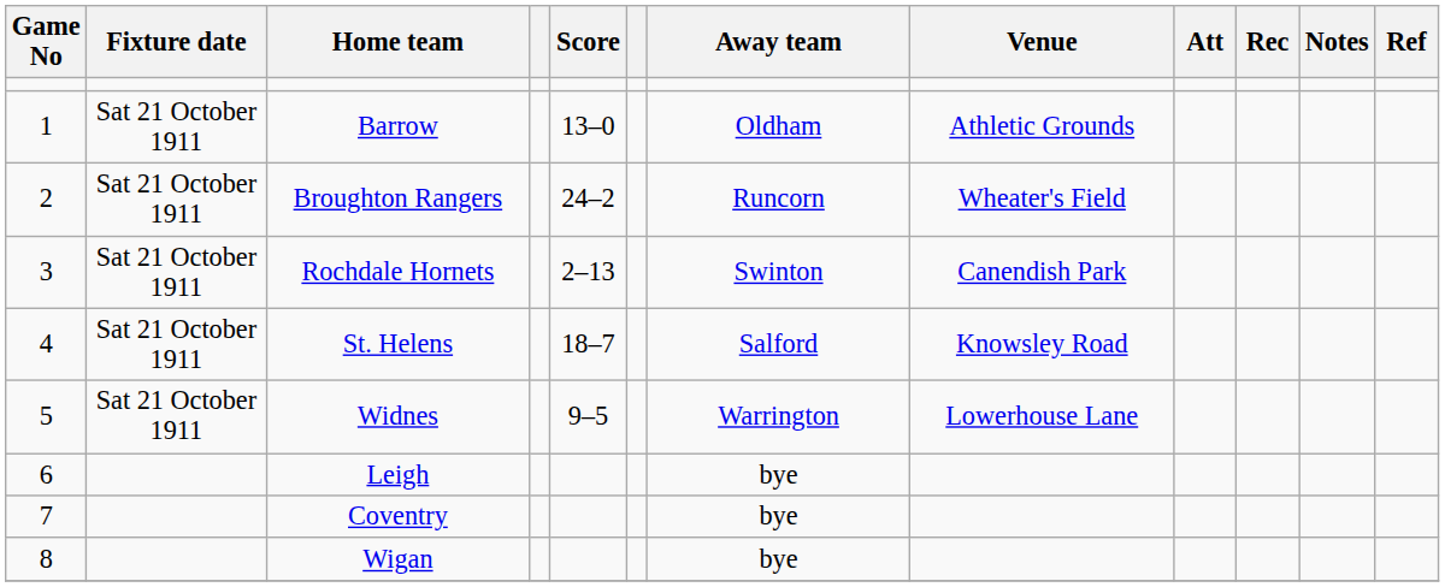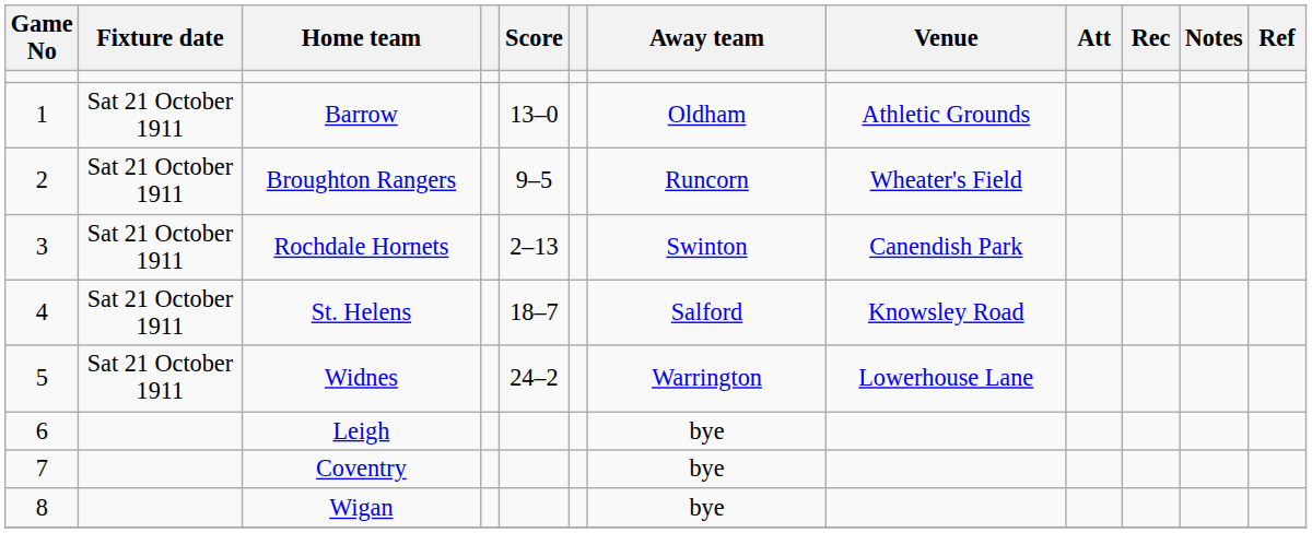 <table class="wikitable" style="text-align:center;">
 <tr>
 <th width=20 abbr="No">Game No</th>
 <th width=100 abbr="Date">Fixture date</th>
 <th width=150 abbr="Home team">Home team</th>
 <th width=5 abbr="space"></th>
 <th width=20 abbr="Score">Score</th>
 <th width=5 abbr="space"></th>
 <th width=150 abbr="Away team">Away team</th>
 <th width=150 abbr="Venue">Venue</th>
 <th width=30 abbr="Att">Att</th>
 <th width=30 abbr="Rec">Rec</th>
 <th width=20 abbr="Notes">Notes</th>
 <th width=30 abbr="Ref">Ref</th>
 </tr>
 <tr>
 <td></td>
 <td></td>
 <td></td>
 <td></td>
 <td></td>
 <td></td>
 <td></td>
 <td></td>
 <td></td>
 <td></td>
 <td></td>
 </tr>
 <tr>
 <td>1</td>
 <td>Sat 21 October 1911</td>
 <td><a href='#'>Barrow</a></td>
 <td></td>
 <td>13–0</td>
 <td></td>
 <td><a href='#'>Oldham</a></td>
 <td><a href='#'>Athletic Grounds</a></td>
 <td></td>
 <td></td>
 <td></td>
 <td></td>
 </tr>
 <tr>
 <td>2</td>
 <td>Sat 21 October 1911</td>
 <td><a href='#'>Broughton Rangers</a></td>
 <td></td>
-<td>24–2</td>
+<td>9–5</td>
 <td></td>
 <td><a href='#'>Runcorn</a></td>
 <td><a href='#'>Wheater's Field</a></td>
 <td></td>
 <td></td>
 <td></td>
 <td></td>
 </tr>
 <tr>
 <td>3</td>
 <td>Sat 21 October 1911</td>
 <td><a href='#'>Rochdale Hornets</a></td>
 <td></td>
 <td>2–13</td>
 <td></td>
 <td><a href='#'>Swinton</a></td>
 <td><a href='#'>Canendish Park</a></td>
 <td></td>
 <td></td>
 <td></td>
 <td></td>
 </tr>
 <tr>
 <td>4</td>
 <td>Sat 21 October 1911</td>
 <td><a href='#'>St. Helens</a></td>
 <td></td>
 <td>18–7</td>
 <td></td>
 <td><a href='#'>Salford</a></td>
 <td><a href='#'>Knowsley Road</a></td>
 <td></td>
 <td></td>
 <td></td>
 <td></td>
 </tr>
 <tr>
 <td>5</td>
 <td>Sat 21 October 1911</td>
 <td><a href='#'>Widnes</a></td>
 <td></td>
-<td>9–5</td>
+<td>24–2</td>
 <td></td>
 <td><a href='#'>Warrington</a></td>
 <td><a href='#'>Lowerhouse Lane</a></td>
 <td></td>
 <td></td>
 <td></td>
 <td></td>
 </tr>
 <tr>
 <td>6</td>
 <td></td>
 <td><a href='#'>Leigh</a></td>
 <td></td>
 <td></td>
 <td></td>
 <td>bye</td>
 <td></td>
 <td></td>
 <td></td>
 <td></td>
 <td></td>
 </tr>
 <tr>
 <td>7</td>
 <td></td>
 <td><a href='#'>Coventry</a></td>
 <td></td>
 <td></td>
 <td></td>
 <td>bye</td>
 <td></td>
 <td></td>
 <td></td>
 <td></td>
 <td></td>
 </tr>
 <tr>
 <td>8</td>
 <td></td>
 <td><a href='#'>Wigan</a></td>
 <td></td>
 <td></td>
 <td></td>
 <td>bye</td>
 <td></td>
 <td></td>
 <td></td>
 <td></td>
 <td></td>
 </tr>
 <tr>
 </tr>
 </table>
